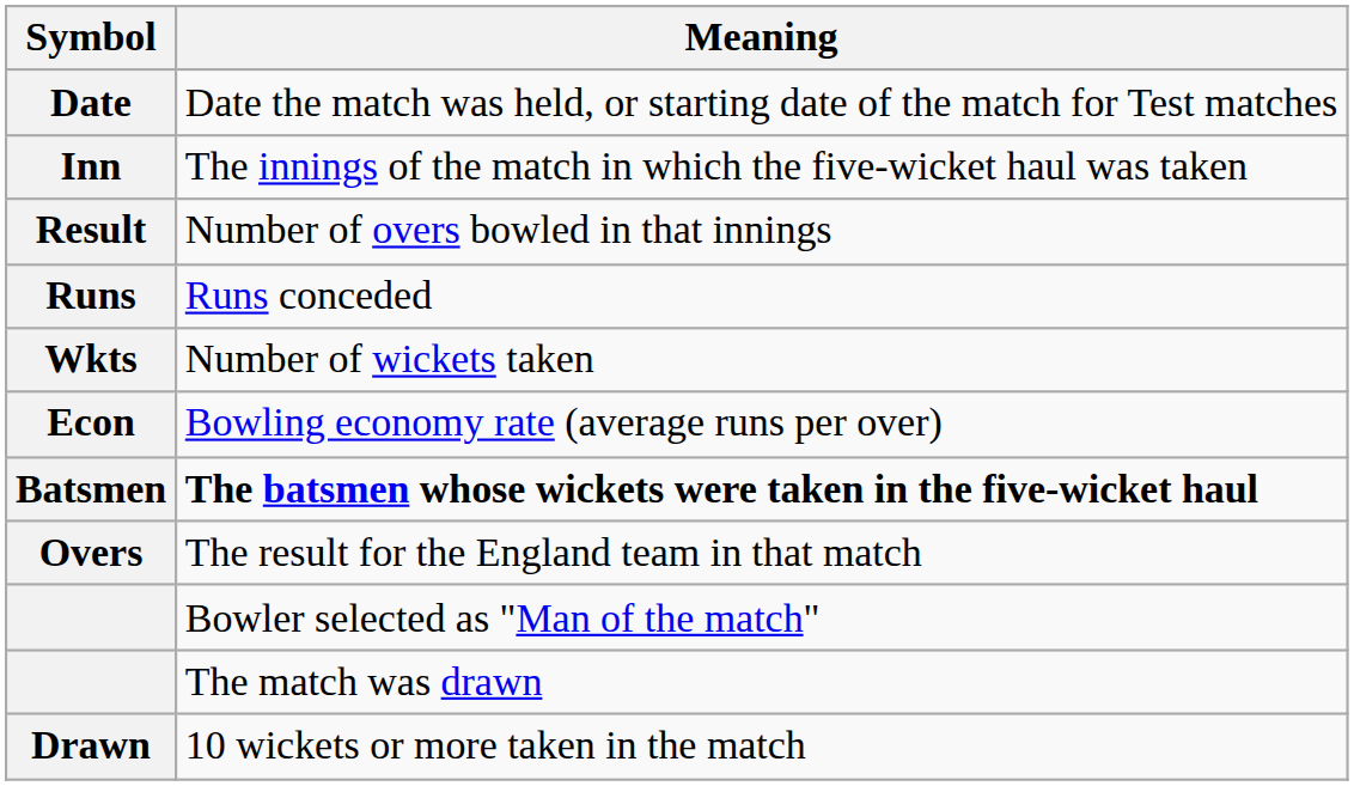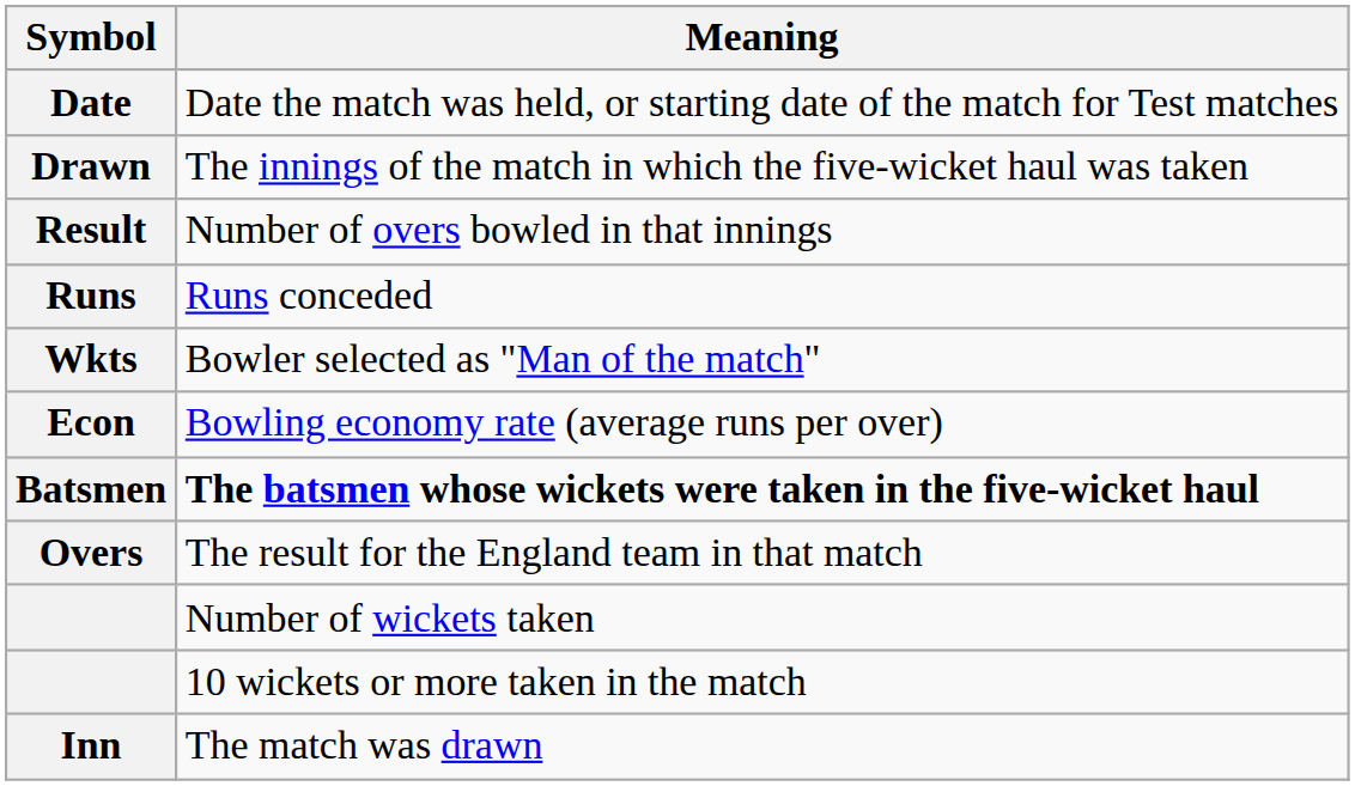 <table class="wikitable plainrowheaders" border="1">
 <tr>
 <th>Symbol</th>
 <th>Meaning</th>
 </tr>
 <tr>
 <th scope="row">Date</th>
 <td>Date the match was held, or starting date of the match for Test matches</td>
 </tr>
 <tr>
-<th scope="row">Inn</th>
+<th scope="row">Drawn</th>
 <td>The <a href='#'>innings</a> of the match in which the five-wicket haul was taken</td>
 </tr>
 <tr>
 <th scope="row">Result</th>
 <td>Number of <a href='#'>overs</a> bowled in that innings</td>
 </tr>
 <tr>
 <th scope="row">Runs</th>
 <td><a href='#'>Runs</a> conceded</td>
 </tr>
 <tr>
 <th scope="row">Wkts</th>
-<td>Number of <a href='#'>wickets</a> taken</td>
+<td>Bowler selected as "<a href='#'>Man of the match</a>"</td>
 </tr>
 <tr>
 <th scope="row">Econ</th>
 <td><a href='#'>Bowling economy rate</a> (average runs per over)</td>
 </tr>
 <tr>
 <th scope="row">Batsmen</th>
 <td><strong>The <a href='#'>batsmen</a> whose wickets were taken in the five-wicket haul</strong></td>
 </tr>
 <tr>
 <th scope="row">Overs</th>
 <td>The result for the England team in that match</td>
 </tr>
 <tr>
 <th scope="row"></th>
-<td>Bowler selected as "<a href='#'>Man of the match</a>"</td>
+<td>Number of <a href='#'>wickets</a> taken</td>
 </tr>
 <tr>
 <th scope="row"></th>
+<td>10 wickets or more taken in the match</td>
+</tr>
+<tr>
+<th scope="row">Inn</th>
 <td>The match was <a href='#'>drawn</a></td>
 </tr>
-<tr>
-<th scope="row">Drawn</th>
-<td>10 wickets or more taken in the match</td>
-</tr>
 </table>
